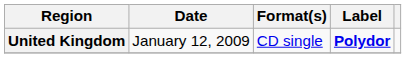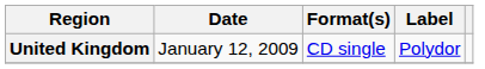 <table class="wikitable plainrowheaders">
 <tr>
 <th scope="col">Region</th>
 <th scope="col">Date</th>
 <th scope="col">Format(s)</th>
 <th scope="col">Label</th>
 <th scope="col"></th>
 </tr>
 <tr>
 <th scope="row">United Kingdom</th>
 <td>January 12, 2009</td>
 <td><a href='#'>CD single</a></td>
-<td><strong><a href='#'>Polydor</a></strong></td>
+<td><a href='#'>Polydor</a></td>
 <td></td>
 </tr>
 <tr>
 </tr>
 </table>
